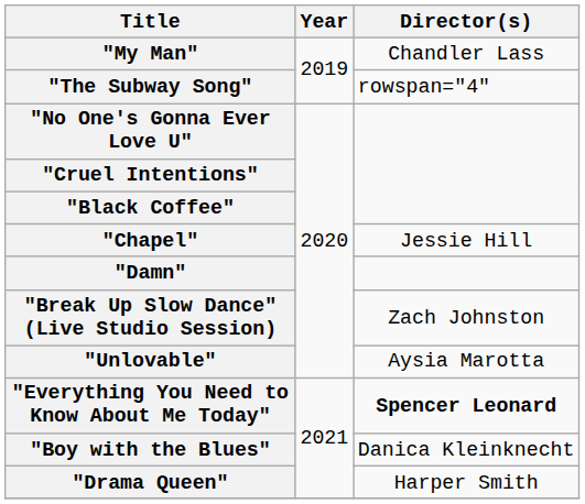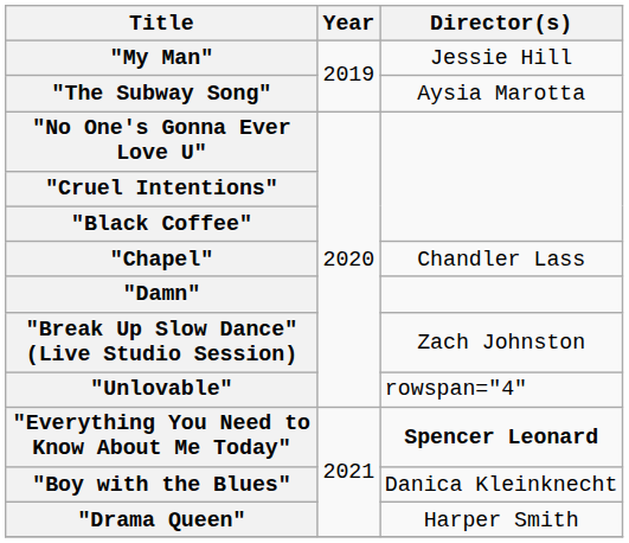 <table class="wikitable plainrowheaders">
 <tr>
 <th style="width:14em;">Title</th>
 <th>Year</th>
 <th>Director(s)</th>
 </tr>
 <tr>
 <th scope="row">"My Man"</th>
 <td rowspan="2">2019</td>
-<td align="center">Chandler Lass</td>
+<td align="center">Jessie Hill</td>
 </tr>
 <tr>
 <th scope="row">"The Subway Song"</th>
-<td>rowspan="4" </td>
+<td align="center">Aysia Marotta</td>
 </tr>
 <tr>
 <th scope="row">"No One's Gonna Ever Love U"</th>
 <td rowspan="7">2020</td>
 </tr>
 <tr>
 <th scope="row">"Cruel Intentions"<br></th>
 </tr>
 <tr>
 <th scope="row">"Black Coffee"</th>
 </tr>
 <tr>
 <th scope="row">"Chapel"</th>
-<td align="center">Jessie Hill</td>
+<td align="center">Chandler Lass</td>
 </tr>
 <tr>
 <th scope="row">"Damn"</th>
 <td></td>
 </tr>
 <tr>
 <th scope="row">"Break Up Slow Dance" (Live Studio Session)<br></th>
 <td align="center">Zach Johnston</td>
 </tr>
 <tr>
 <th scope="row">"Unlovable"</th>
-<td align="center">Aysia Marotta</td>
+<td>rowspan="4" </td>
 </tr>
 <tr>
 <th scope="row">"Everything You Need to Know About Me Today"</th>
 <td rowspan="3">2021</td>
 <td align="center"><strong>Spencer Leonard</strong></td>
 </tr>
 <tr>
 <th scope="row">"Boy with the Blues"</th>
 <td align="center">Danica Kleinknecht</td>
 </tr>
 <tr>
 <th scope="row">"Drama Queen"</th>
 <td align="center">Harper Smith</td>
 </tr>
 <tr>
 </tr>
 </table>
